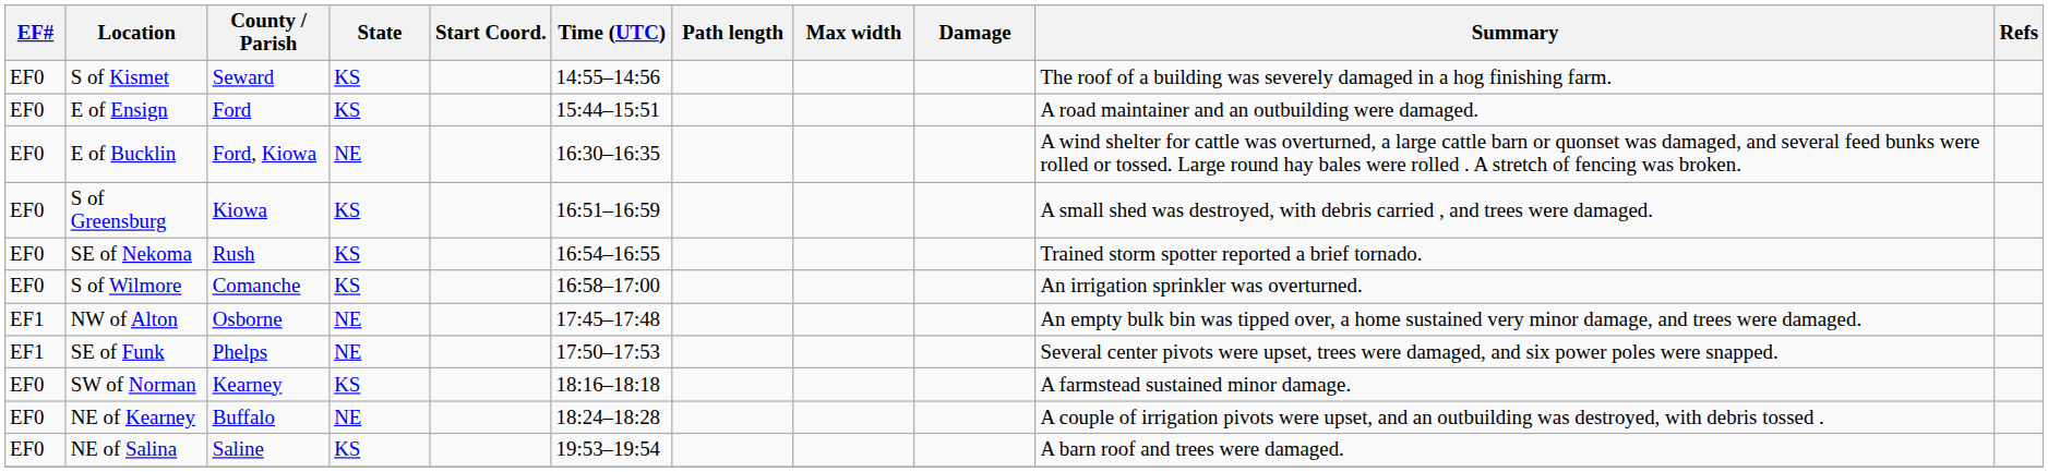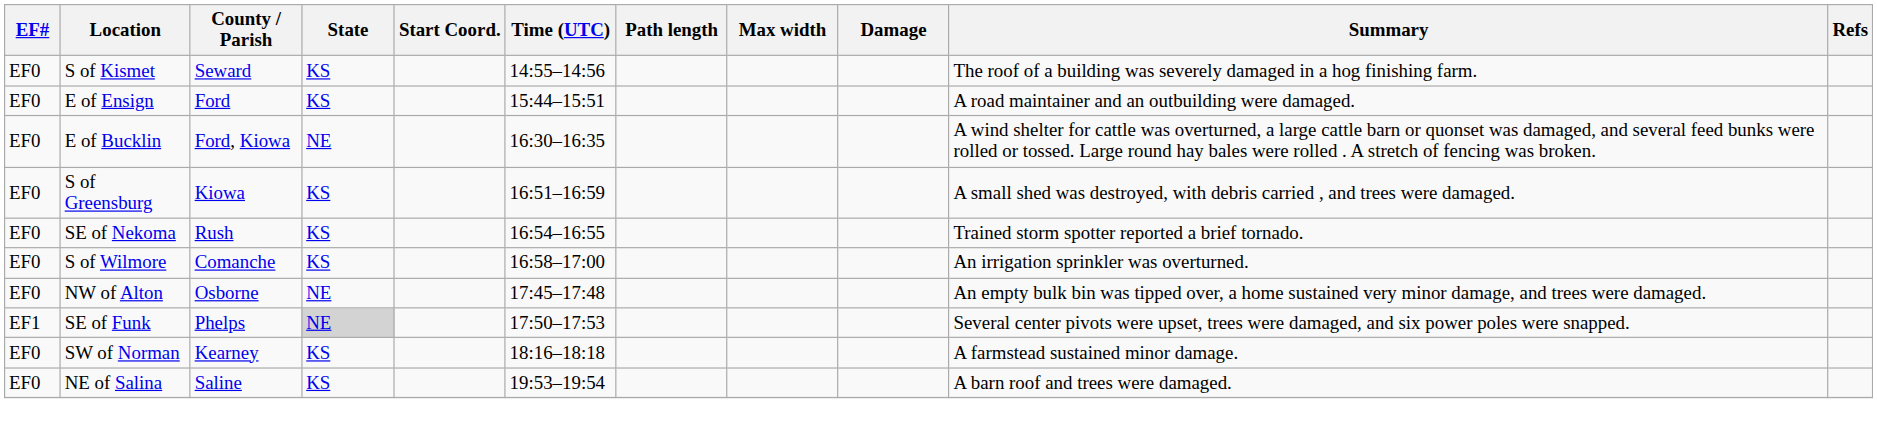 <table class="wikitable sortable" style="width:100%;">
 <tr>
 <th scope="col"  style="width:3%; text-align:center;"><a href='#'>EF#</a></th>
 <th scope="col"  style="width:7%; text-align:center;" class="unsortable">Location</th>
 <th scope="col"  style="width:6%; text-align:center;" class="unsortable">County / Parish</th>
 <th scope="col"  style="width:5%; text-align:center;">State</th>
 <th scope="col"  style="width:6%; text-align:center;">Start Coord.</th>
 <th scope="col"  style="width:6%; text-align:center;">Time (<a href='#'>UTC</a>)</th>
 <th scope="col"  style="width:6%; text-align:center;">Path length</th>
 <th scope="col"  style="width:6%; text-align:center;">Max width</th>
 <th scope="col"  style="width:6%; text-align:center;">Damage</th>
 <th scope="col" class="unsortable" style="width:48%; text-align:center;">Summary</th>
 <th scope="col" class="unsortable" style="width:48%; text-align:center;">Refs</th>
 </tr>
 <tr>
 <td>EF0</td>
 <td>S of <a href='#'>Kismet</a></td>
 <td><a href='#'>Seward</a></td>
 <td><a href='#'>KS</a></td>
 <td></td>
 <td>14:55–14:56</td>
 <td></td>
 <td></td>
 <td></td>
 <td>The roof of a building was severely damaged in a hog finishing farm.</td>
 <td></td>
 </tr>
 <tr>
 <td>EF0</td>
 <td>E of <a href='#'>Ensign</a></td>
 <td><a href='#'>Ford</a></td>
 <td><a href='#'>KS</a></td>
 <td></td>
 <td>15:44–15:51</td>
 <td></td>
 <td></td>
 <td></td>
 <td>A road maintainer and an outbuilding were damaged.</td>
 <td></td>
 </tr>
 <tr>
 <td>EF0</td>
 <td>E of <a href='#'>Bucklin</a></td>
 <td><a href='#'>Ford</a>, <a href='#'>Kiowa</a></td>
 <td><a href='#'>NE</a></td>
 <td></td>
 <td>16:30–16:35</td>
 <td></td>
 <td></td>
 <td></td>
 <td>A wind shelter for cattle was overturned, a large cattle barn or quonset was damaged, and several feed bunks were rolled or tossed. Large round hay bales were rolled . A  stretch of fencing was broken.</td>
 <td></td>
 </tr>
 <tr>
 <td>EF0</td>
 <td>S of <a href='#'>Greensburg</a></td>
 <td><a href='#'>Kiowa</a></td>
 <td><a href='#'>KS</a></td>
 <td></td>
 <td>16:51–16:59</td>
 <td></td>
 <td></td>
 <td></td>
 <td>A small shed was destroyed, with debris carried , and trees were damaged.</td>
 <td></td>
 </tr>
 <tr>
 <td>EF0</td>
 <td>SE of <a href='#'>Nekoma</a></td>
 <td><a href='#'>Rush</a></td>
 <td><a href='#'>KS</a></td>
 <td></td>
 <td>16:54–16:55</td>
 <td></td>
 <td></td>
 <td></td>
 <td>Trained storm spotter reported a brief tornado.</td>
 <td></td>
 </tr>
 <tr>
 <td>EF0</td>
 <td>S of <a href='#'>Wilmore</a></td>
 <td><a href='#'>Comanche</a></td>
 <td><a href='#'>KS</a></td>
 <td></td>
 <td>16:58–17:00</td>
 <td></td>
 <td></td>
 <td></td>
 <td>An irrigation sprinkler was overturned.</td>
 <td></td>
 </tr>
 <tr>
-<td>EF1</td>
+<td>EF0</td>
 <td>NW of <a href='#'>Alton</a></td>
 <td><a href='#'>Osborne</a></td>
 <td><a href='#'>NE</a></td>
 <td></td>
 <td>17:45–17:48</td>
 <td></td>
 <td></td>
 <td></td>
 <td>An empty bulk bin was tipped over, a home sustained very minor damage, and trees were damaged.</td>
 <td></td>
 </tr>
 <tr>
 <td>EF1</td>
 <td>SE of <a href='#'>Funk</a></td>
 <td><a href='#'>Phelps</a></td>
-<td><a href='#'>NE</a></td>
+<td style="background: lightgrey;"><a href='#'>NE</a></td>
 <td></td>
 <td>17:50–17:53</td>
 <td></td>
 <td></td>
 <td></td>
 <td>Several center pivots were upset, trees were damaged, and six power poles were snapped.</td>
 <td></td>
 </tr>
 <tr>
 <td>EF0</td>
 <td>SW of <a href='#'>Norman</a></td>
 <td><a href='#'>Kearney</a></td>
 <td><a href='#'>KS</a></td>
 <td></td>
 <td>18:16–18:18</td>
 <td></td>
 <td></td>
 <td></td>
 <td>A farmstead sustained minor damage.</td>
 <td></td>
 </tr>
 <tr>
 <td>EF0</td>
-<td>NE of <a href='#'>Kearney</a></td>
-<td><a href='#'>Buffalo</a></td>
-<td><a href='#'>NE</a></td>
-<td></td>
-<td>18:24–18:28</td>
-<td></td>
-<td></td>
-<td></td>
-<td>A couple of irrigation pivots were upset, and an outbuilding was destroyed, with debris tossed .</td>
-<td></td>
-</tr>
-<tr>
-<td>EF0</td>
 <td>NE of <a href='#'>Salina</a></td>
 <td><a href='#'>Saline</a></td>
 <td><a href='#'>KS</a></td>
 <td></td>
 <td>19:53–19:54</td>
 <td></td>
 <td></td>
 <td></td>
 <td>A barn roof and trees were damaged.</td>
 <td></td>
 </tr>
 <tr>
 </tr>
 </table>
